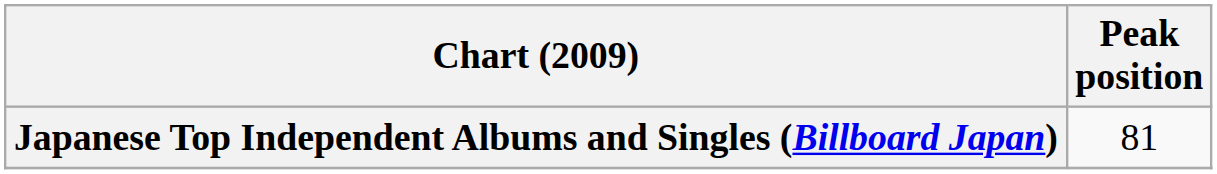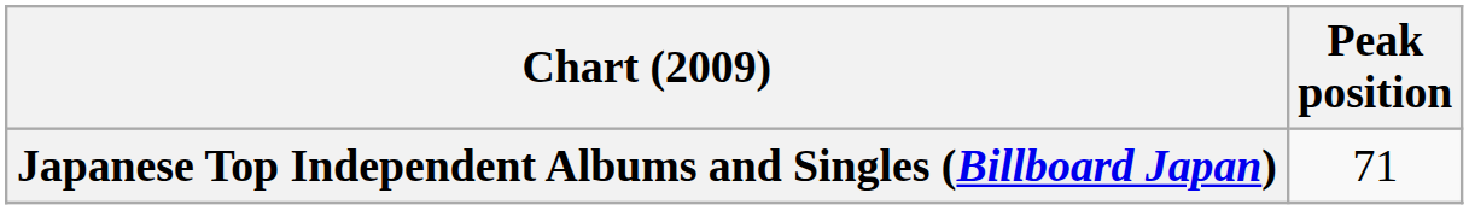 <table class="wikitable sortable plainrowheaders" style="text-align:center;" border="1">
 <tr>
 <th>Chart (2009)</th>
 <th>Peak<br>position</th>
 </tr>
 <tr>
 <th scope="row">Japanese Top Independent Albums and Singles (<em><a href='#'>Billboard Japan</a></em>)</th>
-<td>81</td>
+<td>71</td>
 </tr>
 <tr>
 </tr>
 <tr>
 </tr>
 <tr>
 </tr>
 </table>
